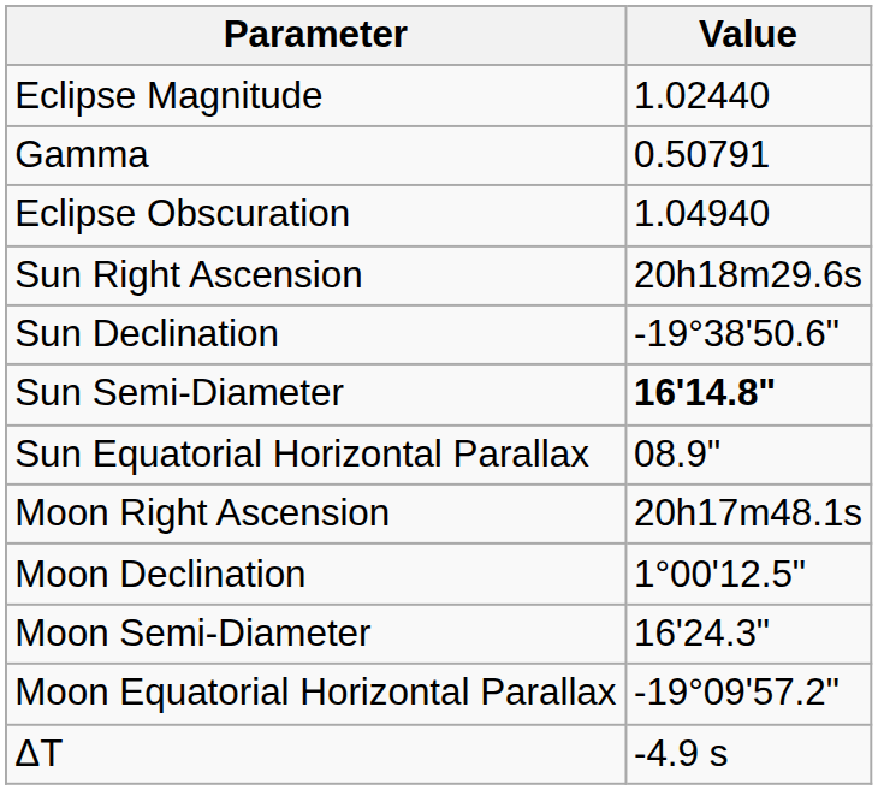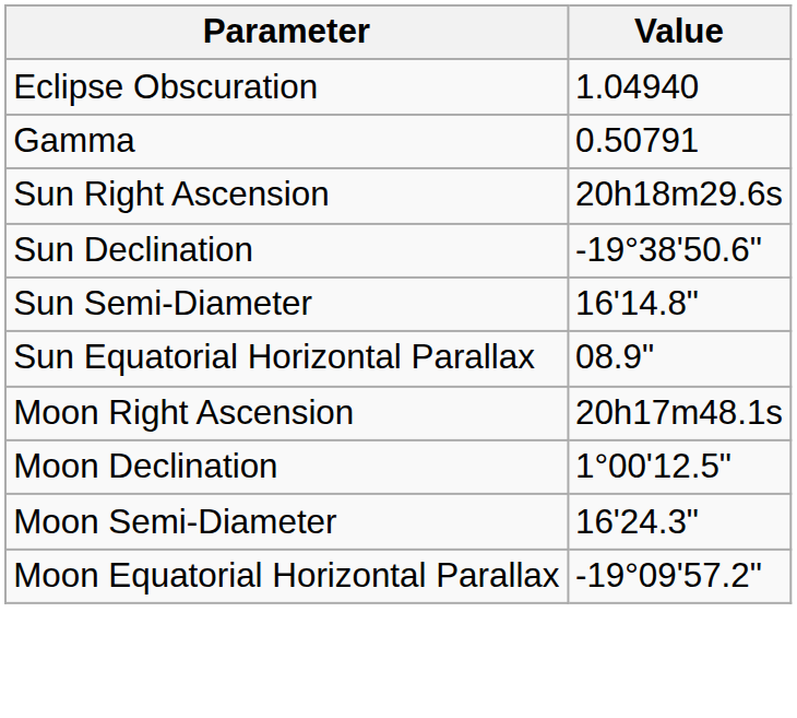 <table class="wikitable">
 <tr>
 <th>Parameter</th>
 <th>Value</th>
 </tr>
 <tr>
-<td>Eclipse Magnitude</td>
-<td>1.02440</td>
+<td>Eclipse Obscuration</td>
+<td>1.04940</td>
 </tr>
 <tr>
 <td>Gamma</td>
 <td>0.50791</td>
-</tr>
-<tr>
-<td>Eclipse Obscuration</td>
-<td>1.04940</td>
 </tr>
 <tr>
 <td>Sun Right Ascension</td>
 <td>20h18m29.6s</td>
 </tr>
 <tr>
 <td>Sun Declination</td>
 <td>-19°38'50.6"</td>
 </tr>
 <tr>
 <td>Sun Semi-Diameter</td>
-<td><strong>16'14.8"</strong></td>
+<td>16'14.8"</td>
 </tr>
 <tr>
 <td>Sun Equatorial Horizontal Parallax</td>
 <td>08.9"</td>
 </tr>
 <tr>
 <td>Moon Right Ascension</td>
 <td>20h17m48.1s</td>
 </tr>
 <tr>
 <td>Moon Declination</td>
 <td>1°00'12.5"</td>
 </tr>
 <tr>
 <td>Moon Semi-Diameter</td>
 <td>16'24.3"</td>
 </tr>
 <tr>
 <td>Moon Equatorial Horizontal Parallax</td>
 <td>-19°09'57.2"</td>
 </tr>
-<tr>
-<td>ΔT</td>
-<td>-4.9 s</td>
-</tr>
 </table>
